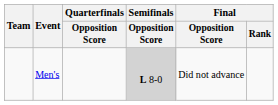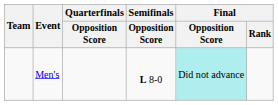 <table class=wikitable style="font-size:90%">
 <tr>
 <th rowspan="2">Team</th>
 <th rowspan="2">Event</th>
 <th>Quarterfinals</th>
 <th>Semifinals</th>
 <th colspan=2>Final</th>
 </tr>
 <tr style="font-size:95%">
 <th>Opposition<br>Score</th>
 <th>Opposition<br>Score</th>
 <th>Opposition<br>Score</th>
 <th>Rank</th>
 </tr>
 <tr align=center>
 <td align=left><br><br><br><br></td>
 <td align=left><a href='#'>Men's</a></td>
 <td></td>
-<td style="background: lightgrey;"> <br> <strong>L</strong> 8-0</td>
-<td>Did not advance</td>
+<td> <br> <strong>L</strong> 8-0</td>
+<td style="background: paleturquoise;">Did not advance</td>
 <td></td>
 </tr>
 </table>
